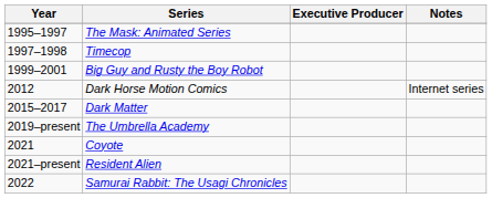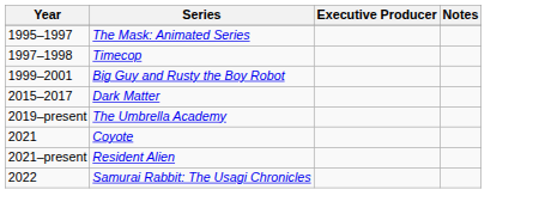 <table class="wikitable">
 <tr>
 <th>Year</th>
 <th>Series</th>
 <th>Executive Producer</th>
 <th>Notes</th>
 </tr>
 <tr>
 </tr>
 <tr>
 <td>1995–1997</td>
 <td><em><a href='#'>The Mask: Animated Series</a></em></td>
 <td></td>
 <td></td>
 </tr>
 <tr>
 <td>1997–1998</td>
 <td><em><a href='#'>Timecop</a></em></td>
 <td></td>
 <td></td>
 </tr>
 <tr>
 <td>1999–2001</td>
 <td><em><a href='#'>Big Guy and Rusty the Boy Robot</a></em></td>
 <td></td>
 <td></td>
-</tr>
-<tr>
-<td>2012</td>
-<td><em>Dark Horse Motion Comics</em></td>
-<td></td>
-<td>Internet series</td>
 </tr>
 <tr>
 <td>2015–2017</td>
 <td><em><a href='#'>Dark Matter</a></em></td>
 <td></td>
 <td></td>
 </tr>
 <tr>
 <td>2019–present</td>
 <td><em><a href='#'>The Umbrella Academy</a></em></td>
 <td></td>
 <td></td>
 </tr>
 <tr>
 <td>2021</td>
 <td><em><a href='#'>Coyote</a></em></td>
 <td></td>
 <td></td>
 </tr>
 <tr>
 <td>2021–present</td>
 <td><em><a href='#'>Resident Alien</a></em></td>
 <td></td>
 <td></td>
 </tr>
 <tr>
 <td>2022</td>
 <td><em><a href='#'>Samurai Rabbit: The Usagi Chronicles</a></em></td>
 <td></td>
 <td></td>
 </tr>
 </table>
